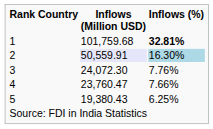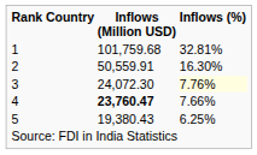 <table class="infobox" style="font-size: 95%">
 <tr>
 <th>Rank</th>
 <th>Country</th>
 <th>Inflows<br> (Million USD)</th>
 <th>Inflows (%)</th>
 </tr>
 <tr>
 <td>1</td>
 <td></td>
 <td>101,759.68</td>
-<td><strong>32.81%</strong></td>
+<td>32.81%</td>
 </tr>
 <tr>
 <td>2</td>
 <td></td>
-<td style="background: lavender;">50,559.91</td>
-<td style="background: lightblue;">16.30%</td>
+<td>50,559.91</td>
+<td>16.30%</td>
 </tr>
 <tr>
 <td>3</td>
 <td></td>
 <td>24,072.30</td>
-<td>7.76%</td>
+<td style="background: lightyellow;">7.76%</td>
 </tr>
 <tr>
 <td>4</td>
 <td></td>
-<td>23,760.47</td>
+<td><strong>23,760.47</strong></td>
 <td>7.66%</td>
 </tr>
 <tr>
 <td>5</td>
 <td></td>
 <td>19,380.43</td>
 <td>6.25%</td>
 </tr>
 <tr>
 <td colspan=4>Source: FDI in India Statistics</td>
 </tr>
 </table>
